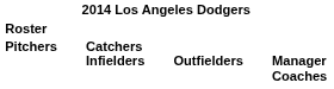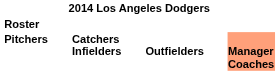 <table class="toccolours" style="font-size: 95%;">
 <tr>
 <th colspan="10">2014 Los Angeles Dodgers</th>
 </tr>
 <tr>
 <td colspan="10"><strong>Roster</strong></td>
 </tr>
 <tr>
 <td valign="top"><strong>Pitchers</strong><br>                       </td>
 <td width="25px"></td>
 <td valign="top"><strong>Catchers</strong><br>    <strong>Infielders</strong>           </td>
 <td width="25px"></td>
 <td valign="top"><br><strong>Outfielders</strong>             </td>
 <td width="25px"></td>
-<td valign="top"><br><strong>Manager</strong> <br><strong>Coaches</strong>                        </td>
+<td valign="top" style="background: lightsalmon;"><br><strong>Manager</strong> <br><strong>Coaches</strong>                        </td>
 </tr>
 </table>
